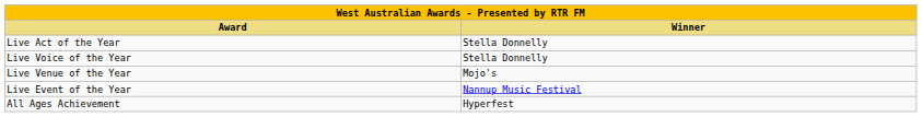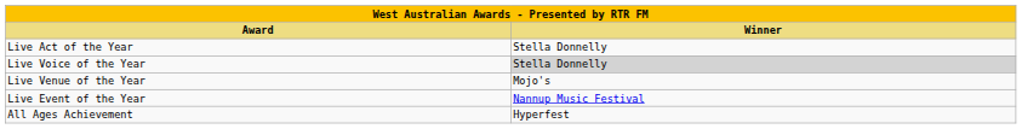 <table class="wikitable" width=100%>
 <tr>
 <th colspan="2" ! style="width:15%;background:#FCC200">West Australian Awards - Presented by RTR FM</th>
 </tr>
 <tr>
 <th style="width:10%;background:#EEDD82;">Award</th>
 <th style="width:10%;background:#EEDD82;">Winner</th>
 </tr>
 <tr>
 <td>Live Act of the Year</td>
 <td>Stella Donnelly</td>
 </tr>
 <tr>
 <td>Live Voice of the Year</td>
-<td>Stella Donnelly</td>
+<td style="background: lightgrey;">Stella Donnelly</td>
 </tr>
 <tr>
 <td>Live Venue of the Year</td>
 <td>Mojo's</td>
 </tr>
 <tr>
 <td>Live Event of the Year</td>
 <td><a href='#'>Nannup Music Festival</a></td>
 </tr>
 <tr>
 <td>All Ages Achievement</td>
 <td>Hyperfest</td>
 </tr>
 </table>
